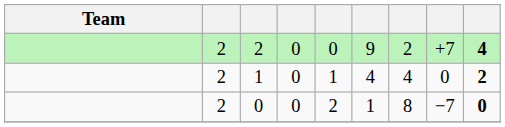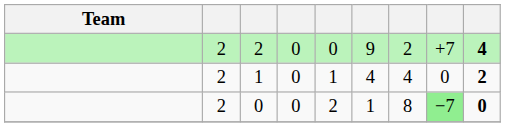 <table class="wikitable" style="text-align:center">
 <tr>
 <th width="165">Team</th>
 <th width="25"></th>
 <th width="25"></th>
 <th width="25"></th>
 <th width="25"></th>
 <th width="25"></th>
 <th width="25"></th>
 <th width="25"></th>
 <th width="25"></th>
 </tr>
 <tr bgcolor=#BBF3BB>
 <td align=left></td>
 <td>2</td>
 <td>2</td>
 <td>0</td>
 <td>0</td>
 <td>9</td>
 <td>2</td>
 <td>+7</td>
 <td><strong>4</strong></td>
 </tr>
 <tr>
 <td align=left></td>
 <td>2</td>
 <td>1</td>
 <td>0</td>
 <td>1</td>
 <td>4</td>
 <td>4</td>
 <td>0</td>
 <td><strong>2</strong></td>
 </tr>
 <tr>
 <td align=left></td>
 <td>2</td>
 <td>0</td>
 <td>0</td>
 <td>2</td>
 <td>1</td>
 <td>8</td>
-<td>−7</td>
+<td style="background: lightgreen;">−7</td>
 <td><strong>0</strong></td>
 </tr>
 <tr>
 </tr>
 </table>
